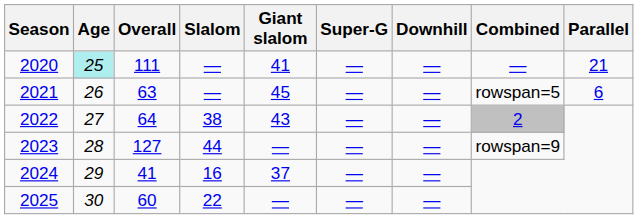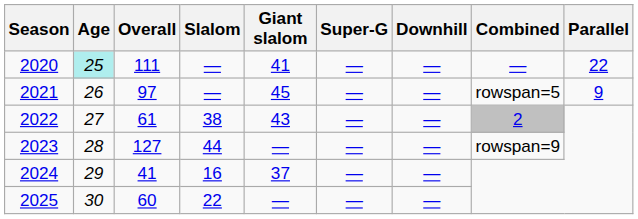 <table class=wikitable style="text-align:center; font-size:95%;">
 <tr>
 <th>Season</th>
 <th>Age</th>
 <th>Overall</th>
 <th>Slalom</th>
 <th>Giant<br> slalom </th>
 <th>Super-G</th>
 <th>Downhill</th>
 <th>Combined</th>
 <th>Parallel</th>
 </tr>
 <tr>
 <td><a href='#'>2020</a></td>
 <td style="background: paleturquoise;"><em>25</em></td>
 <td><a href='#'>111</a></td>
 <td><a href='#'>—</a></td>
 <td><a href='#'>41</a></td>
 <td><a href='#'>—</a></td>
 <td><a href='#'>—</a></td>
 <td><a href='#'>—</a></td>
-<td><a href='#'>21</a></td>
+<td><a href='#'>22</a></td>
 </tr>
 <tr>
 <td><a href='#'>2021</a></td>
 <td><em>26</em></td>
-<td><a href='#'>63</a></td>
+<td><a href='#'>97</a></td>
 <td><a href='#'>—</a></td>
 <td><a href='#'>45</a></td>
 <td><a href='#'>—</a></td>
 <td><a href='#'>—</a></td>
 <td>rowspan=5 </td>
-<td><a href='#'>6</a></td>
+<td><a href='#'>9</a></td>
 </tr>
 <tr>
 <td><a href='#'>2022</a></td>
 <td><em>27</em></td>
-<td><a href='#'>64</a></td>
+<td><a href='#'>61</a></td>
 <td><a href='#'>38</a></td>
 <td><a href='#'>43</a></td>
 <td><a href='#'>—</a></td>
 <td><a href='#'>—</a></td>
 <td style="background:silver;"><a href='#'>2</a></td>
 </tr>
 <tr>
 <td><a href='#'>2023</a></td>
 <td><em>28</em></td>
 <td><a href='#'>127</a></td>
 <td><a href='#'>44</a></td>
 <td><a href='#'>—</a></td>
 <td><a href='#'>—</a></td>
 <td><a href='#'>—</a></td>
 <td>rowspan=9 </td>
 </tr>
 <tr>
 <td><a href='#'>2024</a></td>
 <td><em>29</em></td>
 <td><a href='#'>41</a></td>
 <td><a href='#'>16</a></td>
 <td><a href='#'>37</a></td>
 <td><a href='#'>—</a></td>
 <td><a href='#'>—</a></td>
 </tr>
 <tr>
 <td><a href='#'>2025</a></td>
 <td><em>30</em></td>
 <td><em><a href='#'></em>60<em></a></td>
 <td><a href='#'></em>22<em></a></td>
 <td><a href='#'>—</a></td>
 <td><a href='#'>—</a></td>
 <td><a href='#'>—</a></td>
 </tr>
 </table>
